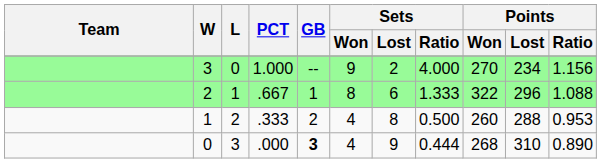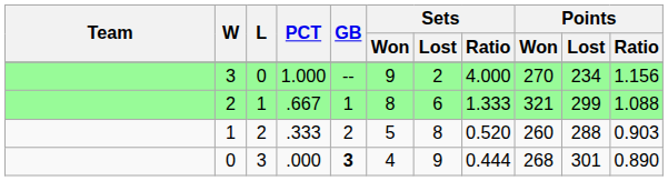 <table class="wikitable" style="text-align:center">
 <tr>
 <th rowspan=2 width=180px>Team</th>
 <th rowspan=2 width=20px>W</th>
 <th rowspan=2 width=20px>L</th>
 <th rowspan=2 width=30px><a href='#'>PCT</a></th>
 <th rowspan=2 width=25px><a href='#'>GB</a></th>
 <th colspan=3>Sets</th>
 <th colspan=3>Points</th>
 </tr>
 <tr>
 <th width=35px>Won</th>
 <th width=35px>Lost</th>
 <th width=40px>Ratio</th>
 <th width=35px>Won</th>
 <th width=35px>Lost</th>
 <th width=40px>Ratio</th>
 </tr>
 <tr>
 </tr>
 <tr bgcolor=#98fb98>
 <td align=left><strong></strong></td>
 <td>3</td>
 <td>0</td>
 <td>1.000</td>
 <td>--</td>
 <td>9</td>
 <td>2</td>
 <td>4.000</td>
 <td>270</td>
 <td>234</td>
 <td>1.156</td>
 </tr>
 <tr bgcolor=#98fb98>
 <td align=left></td>
 <td>2</td>
 <td>1</td>
 <td>.667</td>
 <td>1</td>
 <td>8</td>
 <td>6</td>
 <td>1.333</td>
-<td>322</td>
-<td>296</td>
+<td>321</td>
+<td>299</td>
 <td>1.088</td>
 </tr>
 <tr>
 <td align=left><em></em></td>
 <td>1</td>
 <td>2</td>
 <td>.333</td>
 <td>2</td>
-<td>4</td>
+<td>5</td>
 <td>8</td>
-<td>0.500</td>
+<td>0.520</td>
 <td>260</td>
 <td>288</td>
-<td>0.953</td>
+<td>0.903</td>
 </tr>
 <tr>
 <td align=left></td>
 <td>0</td>
 <td>3</td>
 <td>.000</td>
 <td><strong>3</strong></td>
 <td>4</td>
 <td>9</td>
 <td>0.444</td>
 <td>268</td>
-<td>310</td>
+<td>301</td>
 <td>0.890</td>
 </tr>
 </table>
